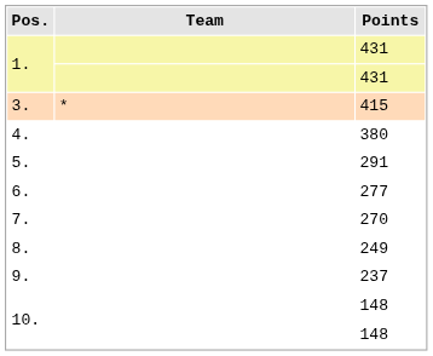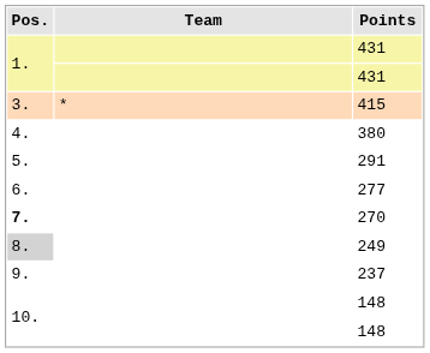 <table cellspacing="1" cellpadding="3" style="border:1px solid #aaa; font-size:90%;">
 <tr style="background:#e4e4e4;">
 <th style="width:10px;">Pos.</th>
 <th style="width:215px;">Team</th>
 <th style="width:45px;">Points</th>
 </tr>
 <tr style="background:#f7f6a8;">
 <td rowspan=2>1.</td>
 <td align="left"><strong></strong></td>
 <td>431</td>
 </tr>
 <tr style="background:#f7f6a8;">
 <td align="left"><strong></strong></td>
 <td>431</td>
 </tr>
 <tr style="background:#ffdab9;">
 <td>3.</td>
 <td align="left">*</td>
 <td>415</td>
 </tr>
 <tr>
 <td>4.</td>
 <td align="left"></td>
 <td>380</td>
 </tr>
 <tr>
 <td>5.</td>
 <td align="left"></td>
 <td>291</td>
 </tr>
 <tr>
 <td>6.</td>
 <td align="left"></td>
 <td>277</td>
 </tr>
 <tr>
-<td>7.</td>
+<td><strong>7.</strong></td>
 <td align="left"></td>
 <td>270</td>
 </tr>
 <tr>
-<td>8.</td>
+<td style="background: lightgrey;">8.</td>
 <td align="left"></td>
 <td>249</td>
 </tr>
 <tr>
 <td>9.</td>
 <td align="left"></td>
 <td>237</td>
 </tr>
 <tr>
 <td rowspan=2>10.</td>
 <td align="left"></td>
 <td>148</td>
 </tr>
 <tr>
 <td align="left"></td>
 <td>148</td>
 </tr>
 </table>
